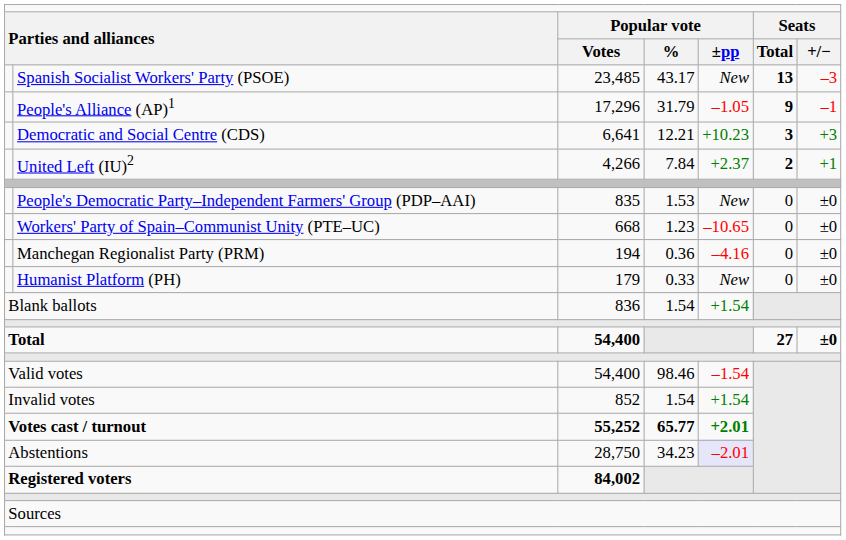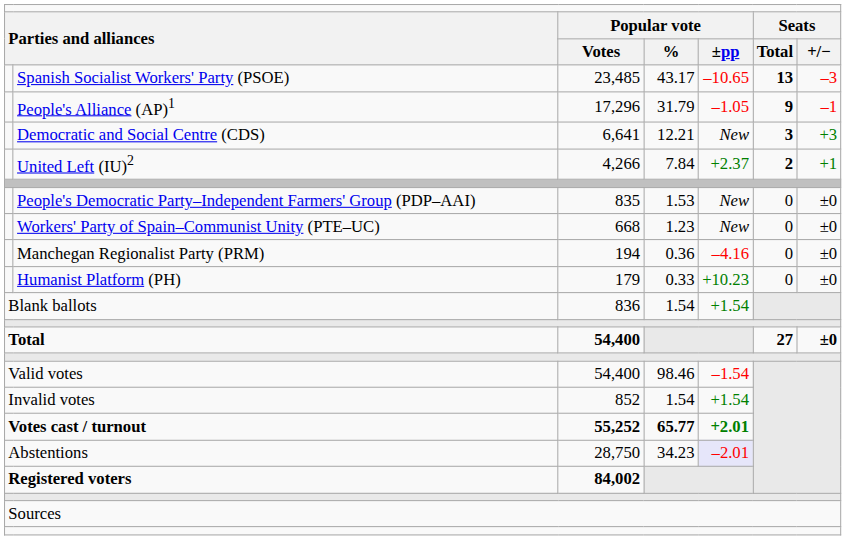 <table class="wikitable" style="text-align:right;">
 <tr>
 <td colspan="7"></td>
 </tr>
 <tr>
 <th style="text-align:left;" rowspan="2" colspan="2" width="525">Parties and alliances</th>
 <th colspan="3">Popular vote</th>
 <th colspan="2">Seats</th>
 </tr>
 <tr>
 <th width="75">Votes</th>
 <th width="45">%</th>
 <th width="45">±<a href='#'>pp</a></th>
 <th width="35">Total</th>
 <th width="35">+/−</th>
 </tr>
 <tr>
 <td width="1" style="color:inherit;background:"></td>
 <td align="left"><a href='#'>Spanish Socialist Workers' Party</a> (PSOE)</td>
 <td>23,485</td>
 <td>43.17</td>
-<td><em>New</em></td>
+<td style="color:red;">–10.65</td>
 <td><strong>13</strong></td>
 <td style="color:red;">–3</td>
 </tr>
 <tr>
 <td style="color:inherit;background:"></td>
 <td align="left"><a href='#'>People's Alliance</a> (AP)<sup>1</sup></td>
 <td>17,296</td>
 <td>31.79</td>
 <td style="color:red;">–1.05</td>
 <td><strong>9</strong></td>
 <td style="color:red;">–1</td>
 </tr>
 <tr>
 <td style="color:inherit;background:"></td>
 <td align="left"><a href='#'>Democratic and Social Centre</a> (CDS)</td>
 <td>6,641</td>
 <td>12.21</td>
-<td style="color:green;">+10.23</td>
+<td><em>New</em></td>
 <td><strong>3</strong></td>
 <td style="color:green;">+3</td>
 </tr>
 <tr>
 <td style="color:inherit;background:"></td>
 <td align="left"><a href='#'>United Left</a> (IU)<sup>2</sup></td>
 <td>4,266</td>
 <td>7.84</td>
 <td style="color:green;">+2.37</td>
 <td><strong>2</strong></td>
 <td style="color:green;">+1</td>
 </tr>
 <tr>
 <td colspan="7" bgcolor="#C0C0C0"></td>
 </tr>
 <tr>
 <td style="color:inherit;background:"></td>
 <td align="left"><a href='#'>People's Democratic Party–Independent Farmers' Group</a> (PDP–AAI)</td>
 <td>835</td>
 <td>1.53</td>
 <td><em>New</em></td>
 <td>0</td>
 <td>±0</td>
 </tr>
 <tr>
 <td style="color:inherit;background:"></td>
 <td align="left"><a href='#'>Workers' Party of Spain–Communist Unity</a> (PTE–UC)</td>
 <td>668</td>
 <td>1.23</td>
-<td style="color:red;">–10.65</td>
+<td><em>New</em></td>
 <td>0</td>
 <td>±0</td>
 </tr>
 <tr>
 <td style="color:inherit;background:"></td>
 <td align="left">Manchegan Regionalist Party (PRM)</td>
 <td>194</td>
 <td>0.36</td>
 <td style="color:red;">–4.16</td>
 <td>0</td>
 <td>±0</td>
 </tr>
 <tr>
 <td style="color:inherit;background:"></td>
 <td align="left"><a href='#'>Humanist Platform</a> (PH)</td>
 <td>179</td>
 <td>0.33</td>
-<td><em>New</em></td>
+<td style="color:green;">+10.23</td>
 <td>0</td>
 <td>±0</td>
 </tr>
 <tr>
 <td align="left" colspan="2">Blank ballots</td>
 <td>836</td>
 <td>1.54</td>
 <td style="color:green;">+1.54</td>
 <td bgcolor="#E9E9E9" colspan="2"></td>
 </tr>
 <tr>
 <td colspan="7" bgcolor="#E9E9E9"></td>
 </tr>
 <tr style="font-weight:bold;">
 <td align="left" colspan="2">Total</td>
 <td>54,400</td>
 <td bgcolor="#E9E9E9" colspan="2"></td>
 <td>27</td>
 <td>±0</td>
 </tr>
 <tr>
 <td colspan="7" bgcolor="#E9E9E9"></td>
 </tr>
 <tr>
 <td align="left" colspan="2">Valid votes</td>
 <td>54,400</td>
 <td>98.46</td>
 <td style="color:red;">–1.54</td>
 <td bgcolor="#E9E9E9" colspan="2" rowspan="5"></td>
 </tr>
 <tr>
 <td align="left" colspan="2">Invalid votes</td>
 <td>852</td>
 <td>1.54</td>
 <td style="color:green;">+1.54</td>
 </tr>
 <tr style="font-weight:bold;">
 <td align="left" colspan="2">Votes cast / turnout</td>
 <td>55,252</td>
 <td>65.77</td>
 <td style="color:green;">+2.01</td>
 </tr>
 <tr>
 <td align="left" colspan="2">Abstentions</td>
 <td>28,750</td>
 <td>34.23</td>
 <td style="background: lavender; color:red;">–2.01</td>
 </tr>
 <tr style="font-weight:bold;">
 <td align="left" colspan="2">Registered voters</td>
 <td>84,002</td>
 <td bgcolor="#E9E9E9" colspan="2"></td>
 </tr>
 <tr>
 <td colspan="7" bgcolor="#E9E9E9"></td>
 </tr>
 <tr>
 <td align="left" colspan="7">Sources</td>
 </tr>
 <tr>
 <td colspan="7" style="text-align:left; max-width:790px;"></td>
 </tr>
 </table>
